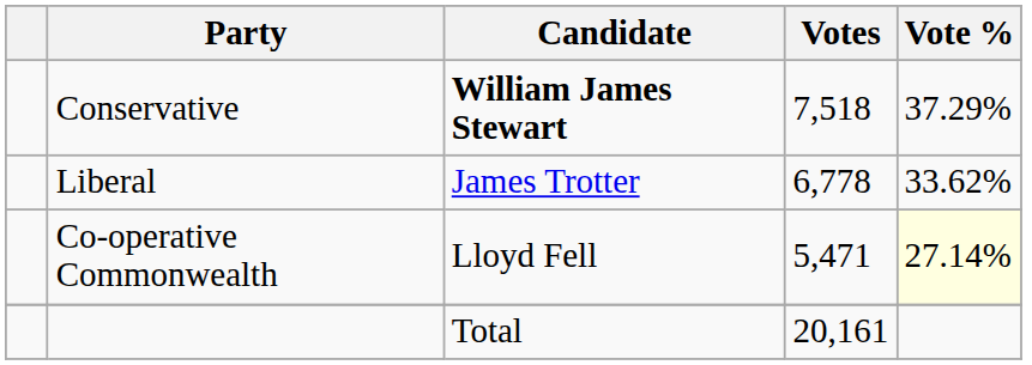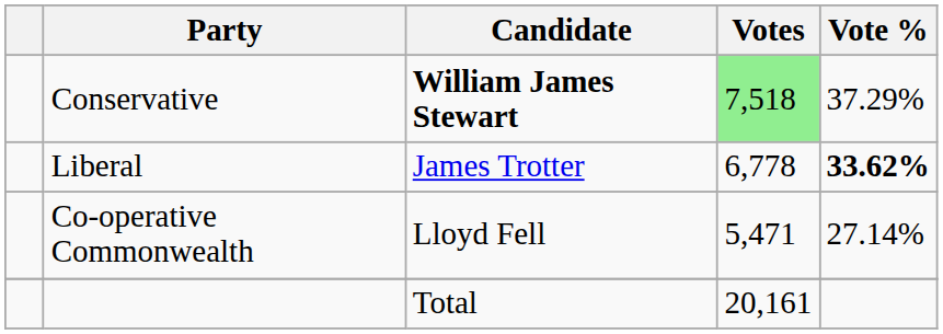 <table class="wikitable">
 <tr>
 <th></th>
 <th scope="col" width="175">Party</th>
 <th scope="col" width="150">Candidate</th>
 <th>Votes</th>
 <th>Vote %</th>
 </tr>
 <tr |>
 <td>   </td>
 <td>Conservative</td>
 <td><strong>William James Stewart</strong></td>
-<td>7,518</td>
+<td style="background: lightgreen;">7,518</td>
 <td>37.29%</td>
 </tr>
 <tr |>
 <td>   </td>
 <td>Liberal</td>
 <td><a href='#'>James Trotter</a></td>
 <td>6,778</td>
-<td>33.62%</td>
+<td><strong>33.62%</strong></td>
 </tr>
 <tr |>
 <td>   </td>
 <td>Co-operative Commonwealth</td>
 <td>Lloyd Fell</td>
 <td>5,471</td>
-<td style="background: lightyellow;">27.14%</td>
+<td>27.14%</td>
 </tr>
 <tr |>
 </tr>
 <tr |>
 <td></td>
 <td></td>
 <td>Total</td>
 <td>20,161</td>
 <td></td>
 </tr>
 </table>
